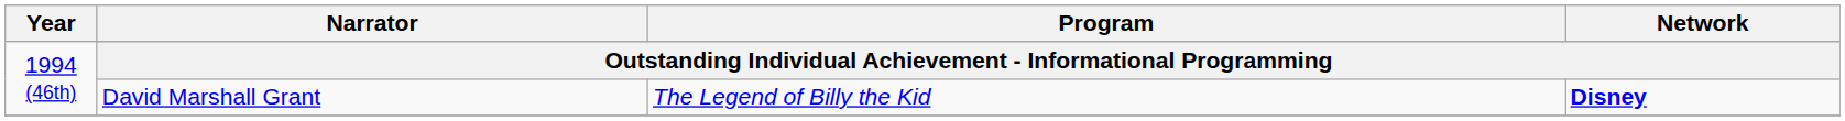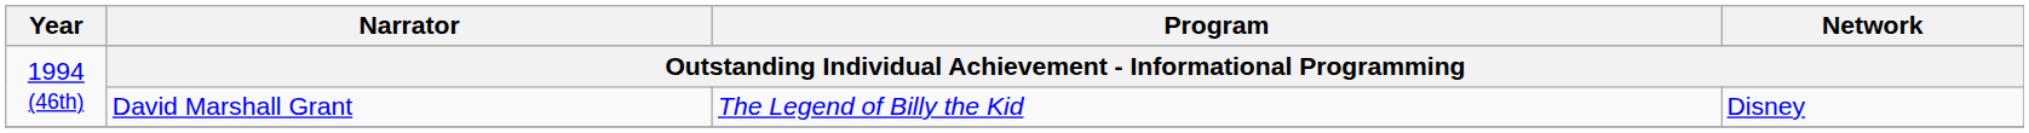 <table class="wikitable" style="width:100%">
 <tr bgcolor="#bebebe">
 <th width="5%">Year</th>
 <th width="30%">Narrator</th>
 <th width="50%">Program</th>
 <th width="15%">Network</th>
 </tr>
 <tr>
 <td rowspan=3 style="text-align:center;"><a href='#'>1994</a><br><small><a href='#'>(46th)</a></small></td>
 </tr>
 <tr>
 <th colspan="4">Outstanding Individual Achievement - Informational Programming</th>
 </tr>
 <tr>
 <td><a href='#'>David Marshall Grant</a></td>
 <td><em><a href='#'>The Legend of Billy the Kid</a></em></td>
-<td><strong><a href='#'>Disney</a></strong></td>
+<td><a href='#'>Disney</a></td>
 </tr>
 <tr>
 </tr>
 </table>
